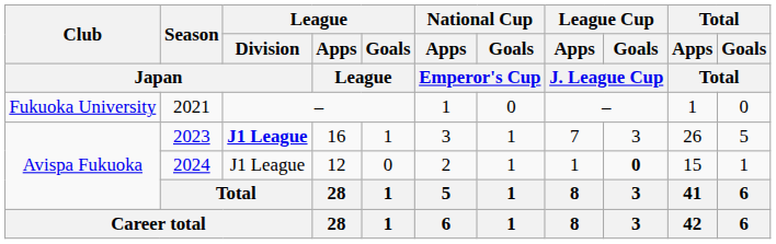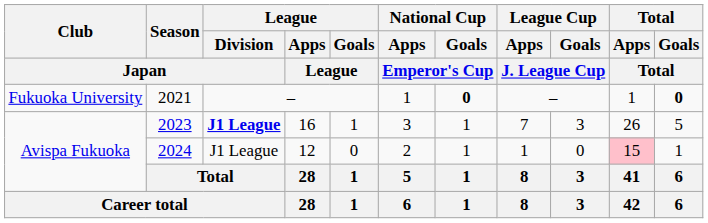 <table class="wikitable" style="text-align:center">
 <tr>
 <th rowspan=2>Club</th>
 <th rowspan=2>Season</th>
 <th colspan=3>League</th>
 <th colspan=2>National Cup</th>
 <th colspan=2>League Cup</th>
 <th colspan=2>Total</th>
 </tr>
 <tr>
 <th>Division</th>
 <th>Apps</th>
 <th>Goals</th>
 <th>Apps</th>
 <th>Goals</th>
 <th>Apps</th>
 <th>Goals</th>
 <th>Apps</th>
 <th>Goals</th>
 </tr>
 <tr>
 <th colspan=3>Japan</th>
 <th colspan=2>League</th>
 <th colspan=2><a href='#'>Emperor's Cup</a></th>
 <th colspan=2><a href='#'>J. League Cup</a></th>
 <th colspan=2>Total</th>
 </tr>
 <tr>
 <td><a href='#'>Fukuoka University</a></td>
 <td>2021</td>
 <td colspan="3">–</td>
 <td>1</td>
-<td>0</td>
+<td><strong>0</strong></td>
 <td colspan="2">–</td>
 <td>1</td>
-<td>0</td>
+<td><strong>0</strong></td>
 </tr>
 <tr>
 <td rowspan="3"><a href='#'>Avispa Fukuoka</a></td>
 <td><a href='#'>2023</a></td>
 <td><strong><a href='#'>J1 League</a></strong></td>
 <td>16</td>
 <td>1</td>
 <td>3</td>
 <td>1</td>
 <td>7</td>
 <td>3</td>
 <td>26</td>
 <td>5</td>
 </tr>
 <tr>
 <td><a href='#'>2024</a></td>
 <td>J1 League</td>
 <td>12</td>
 <td>0</td>
 <td>2</td>
 <td>1</td>
 <td>1</td>
-<td><strong>0</strong></td>
-<td>15</td>
+<td>0</td>
+<td style="background: pink;">15</td>
 <td>1</td>
 </tr>
 <tr>
 <th colspan="2">Total</th>
 <th>28</th>
 <th>1</th>
 <th>5</th>
 <th>1</th>
 <th>8</th>
 <th>3</th>
 <th>41</th>
 <th>6</th>
 </tr>
 <tr>
 <th colspan=3>Career total</th>
 <th>28</th>
 <th>1</th>
 <th>6</th>
 <th>1</th>
 <th>8</th>
 <th>3</th>
 <th>42</th>
 <th>6</th>
 </tr>
 </table>
